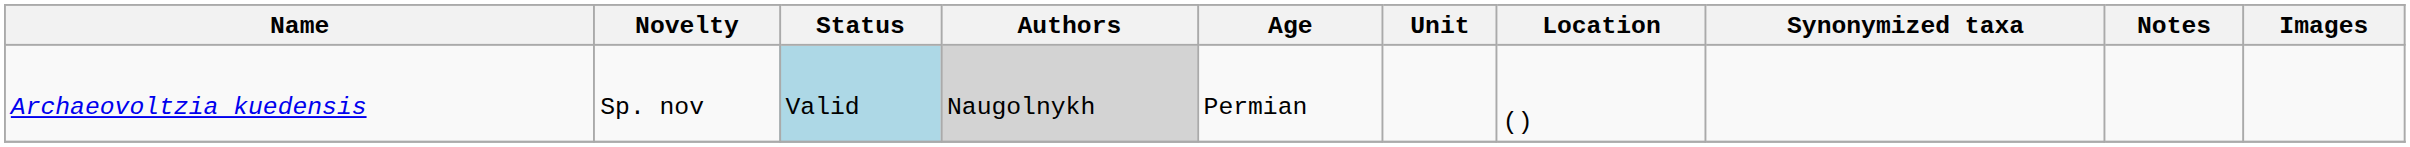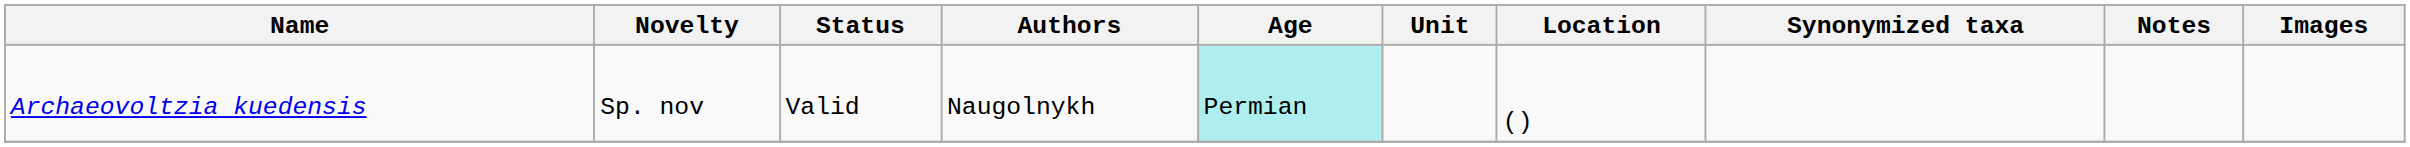 <table class="wikitable sortable" align="center" width="100%">
 <tr>
 <th>Name</th>
 <th>Novelty</th>
 <th>Status</th>
 <th>Authors</th>
 <th>Age</th>
 <th>Unit</th>
 <th>Location</th>
 <th>Synonymized taxa</th>
 <th>Notes</th>
 <th>Images</th>
 </tr>
 <tr>
 <td><br><em><a href='#'>Archaeovoltzia kuedensis</a></em></td>
 <td><br>Sp. nov</td>
-<td style="background: lightblue;"><br>Valid</td>
-<td style="background: lightgrey;"><br>Naugolnykh</td>
-<td><br>Permian</td>
+<td><br>Valid</td>
+<td><br>Naugolnykh</td>
+<td style="background: paleturquoise;"><br>Permian</td>
 <td></td>
 <td><br><br>()</td>
 <td></td>
 <td></td>
 <td></td>
 </tr>
 <tr>
 </tr>
 </table>
